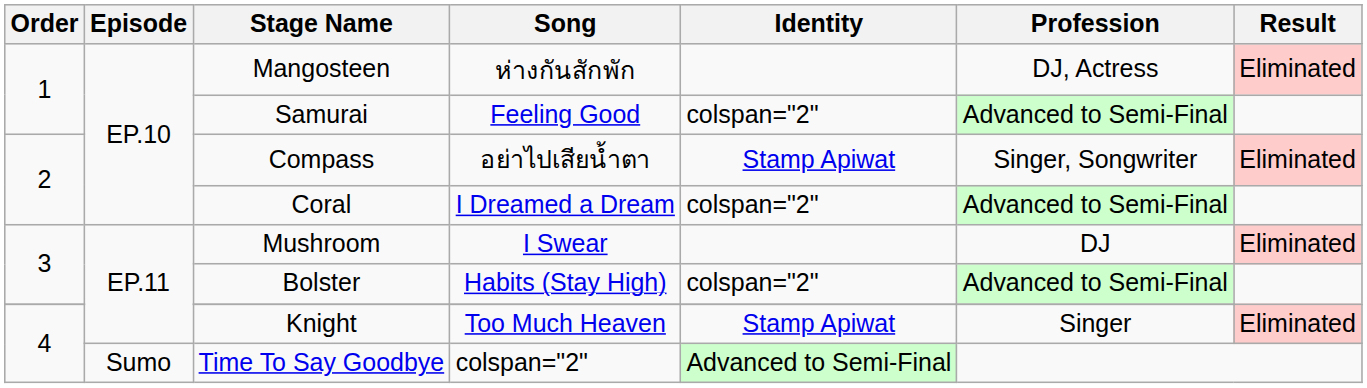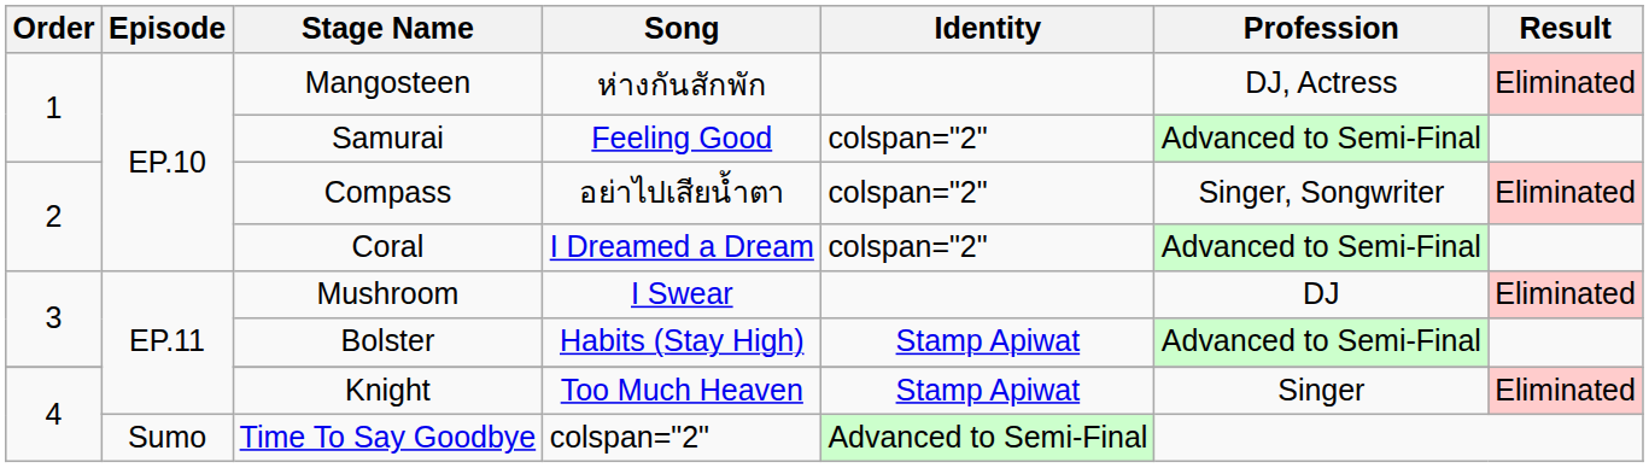 <table class="wikitable">
 <tr>
 <th>Order</th>
 <th>Episode</th>
 <th>Stage Name</th>
 <th>Song</th>
 <th>Identity</th>
 <th>Profession</th>
 <th>Result</th>
 </tr>
 <tr>
 <td rowspan="2" style="text-align:center;">1</td>
 <td rowspan="4" align="center">EP.10</td>
 <td style="text-align:center;">Mangosteen</td>
 <td style="text-align:center;">ห่างกันสักพัก</td>
 <td style="text-align:center;"></td>
 <td style="text-align:center;">DJ, Actress</td>
 <td style="text-align:center; background:#ffcccc;">Eliminated</td>
 </tr>
 <tr>
 <td style="text-align:center;">Samurai</td>
 <td style="text-align:center;"><a href='#'>Feeling Good</a></td>
 <td>colspan="2"  </td>
 <td style="text-align:center; background:#ccffcc;">Advanced to Semi-Final</td>
 </tr>
 <tr>
 <td rowspan="2" style="text-align:center;">2</td>
 <td style="text-align:center;">Compass</td>
 <td style="text-align:center;">อย่าไปเสียน้ำตา</td>
-<td style="text-align:center;"><a href='#'>Stamp Apiwat</a></td>
+<td>colspan="2"  </td>
 <td style="text-align:center;">Singer, Songwriter</td>
 <td style="text-align:center; background:#ffcccc;">Eliminated</td>
 </tr>
 <tr>
 <td style="text-align:center;">Coral</td>
 <td style="text-align:center;"><a href='#'>I Dreamed a Dream</a></td>
 <td>colspan="2"  </td>
 <td style="text-align:center; background:#ccffcc;">Advanced to Semi-Final</td>
 </tr>
 <tr>
 <td rowspan="2" style="text-align:center;">3</td>
 <td rowspan="4" align="center">EP.11</td>
 <td style="text-align:center;">Mushroom</td>
 <td style="text-align:center;"><a href='#'>I Swear</a></td>
 <td style="text-align:center;"></td>
 <td style="text-align:center;">DJ</td>
 <td style="text-align:center; background:#ffcccc;">Eliminated</td>
 </tr>
 <tr>
 <td style="text-align:center;">Bolster</td>
 <td style="text-align:center;"><a href='#'>Habits (Stay High)</a></td>
-<td>colspan="2"  </td>
+<td style="text-align:center;"><a href='#'>Stamp Apiwat</a></td>
 <td style="text-align:center; background:#ccffcc;">Advanced to Semi-Final</td>
 </tr>
 <tr>
 </tr>
 <tr style="text-align:center;">
 <td rowspan="2">4</td>
 <td style="text-align:center;">Knight</td>
 <td style="text-align:center;"><a href='#'>Too Much Heaven</a></td>
 <td style="text-align:center;"><a href='#'>Stamp Apiwat</a></td>
 <td style="text-align:center;">Singer</td>
 <td style="text-align:center; background:#ffcccc;">Eliminated</td>
 </tr>
 <tr>
 <td style="text-align:center;">Sumo</td>
 <td style="text-align:center;"><a href='#'>Time To Say Goodbye</a></td>
 <td>colspan="2"  </td>
 <td style="text-align:center; background:#ccffcc;">Advanced to Semi-Final</td>
 </tr>
 </table>
